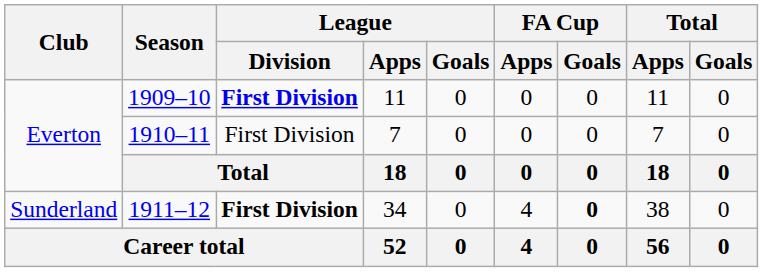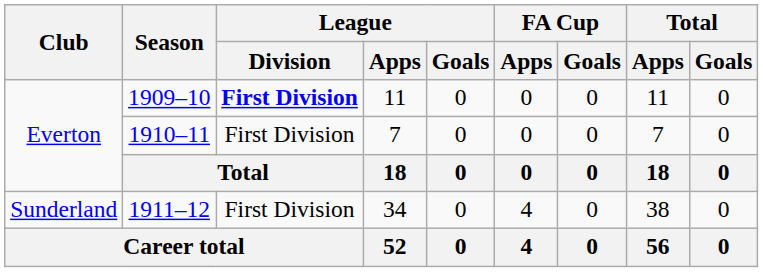 <table class="wikitable" style="text-align: center;">
 <tr>
 <th rowspan="2">Club</th>
 <th rowspan="2">Season</th>
 <th colspan="3">League</th>
 <th colspan="2">FA Cup</th>
 <th colspan="2">Total</th>
 </tr>
 <tr>
 <th>Division</th>
 <th>Apps</th>
 <th>Goals</th>
 <th>Apps</th>
 <th>Goals</th>
 <th>Apps</th>
 <th>Goals</th>
 </tr>
 <tr>
 <td rowspan="3"><a href='#'>Everton</a></td>
 <td><a href='#'>1909–10</a></td>
 <td><strong><a href='#'>First Division</a></strong></td>
 <td>11</td>
 <td>0</td>
 <td>0</td>
 <td>0</td>
 <td>11</td>
 <td>0</td>
 </tr>
 <tr>
 <td><a href='#'>1910–11</a></td>
 <td>First Division</td>
 <td>7</td>
 <td>0</td>
 <td>0</td>
 <td>0</td>
 <td>7</td>
 <td>0</td>
 </tr>
 <tr>
 <th colspan="2">Total</th>
 <th>18</th>
 <th>0</th>
 <th>0</th>
 <th>0</th>
 <th>18</th>
 <th>0</th>
 </tr>
 <tr>
 <td><a href='#'>Sunderland</a></td>
 <td><a href='#'>1911–12</a></td>
-<td><strong>First Division</strong></td>
+<td>First Division</td>
 <td>34</td>
 <td>0</td>
 <td>4</td>
-<td><strong>0</strong></td>
+<td>0</td>
 <td>38</td>
 <td>0</td>
 </tr>
 <tr>
 <th colspan="3">Career total</th>
 <th>52</th>
 <th>0</th>
 <th>4</th>
 <th>0</th>
 <th>56</th>
 <th>0</th>
 </tr>
 </table>
